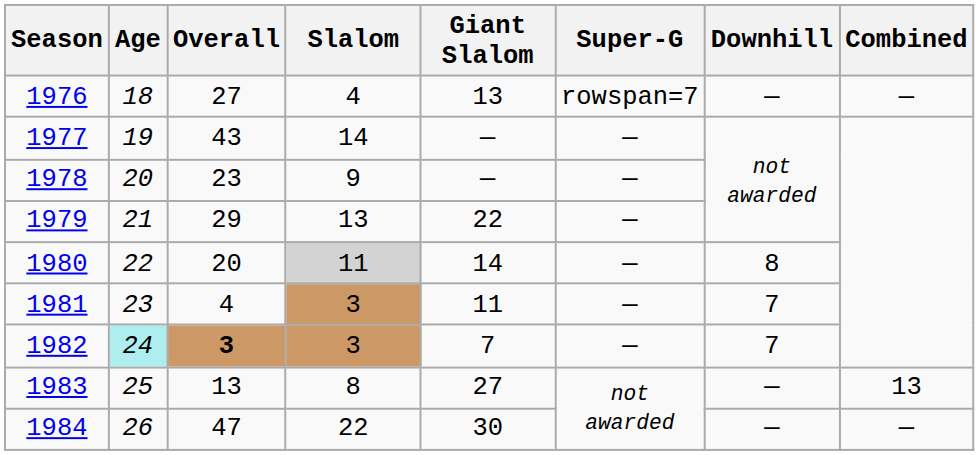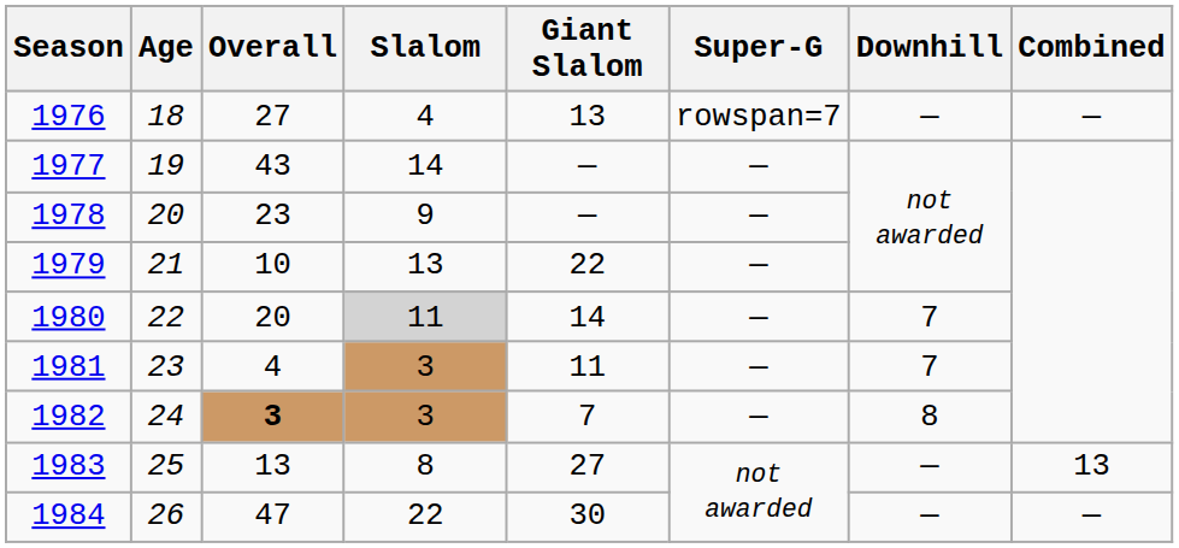 <table class=wikitable style="text-align:center">
 <tr>
 <th>Season</th>
 <th>Age</th>
 <th>Overall</th>
 <th> Slalom </th>
 <th>Giant<br> Slalom </th>
 <th>Super-G</th>
 <th>Downhill</th>
 <th>Combined</th>
 </tr>
 <tr>
 <td><a href='#'>1976</a></td>
 <td><em>18</em></td>
 <td>27</td>
 <td>4</td>
 <td>13</td>
 <td>rowspan=7</td>
 <td>—</td>
 <td>—</td>
 </tr>
 <tr>
 <td><a href='#'>1977</a></td>
 <td><em>19</em></td>
 <td>43</td>
 <td>14</td>
 <td>—</td>
 <td>—</td>
 <td rowspan=3><small><em>not<br>awarded</em></small></td>
 </tr>
 <tr>
 <td><a href='#'>1978</a></td>
 <td><em>20</em></td>
 <td>23</td>
 <td>9</td>
 <td>—</td>
 <td>—</td>
 </tr>
 <tr>
 <td><a href='#'>1979</a></td>
 <td><em>21</em></td>
-<td>29</td>
+<td>10</td>
 <td>13</td>
 <td>22</td>
 <td>—</td>
 </tr>
 <tr>
 <td><a href='#'>1980</a></td>
 <td><em>22</em></td>
 <td>20</td>
 <td style="background: lightgrey;">11</td>
 <td>14</td>
 <td>—</td>
-<td>8</td>
+<td>7</td>
 </tr>
 <tr>
 <td><a href='#'>1981</a></td>
 <td><em>23</em></td>
 <td>4</td>
 <td bgcolor="cc9966">3</td>
 <td>11</td>
 <td>—</td>
 <td>7</td>
 </tr>
 <tr>
 <td><a href='#'>1982</a></td>
-<td style="background: paleturquoise;"><em>24</em></td>
+<td><em>24</em></td>
 <td bgcolor="cc9966"><strong>3</strong></td>
 <td bgcolor="cc9966">3</td>
 <td>7</td>
 <td>—</td>
-<td>7</td>
+<td>8</td>
 </tr>
 <tr>
 <td><a href='#'>1983</a></td>
 <td><em>25</em></td>
 <td>13</td>
 <td>8</td>
 <td>27</td>
 <td rowspan=2><small><em>not<br>awarded</em></small></td>
 <td>—</td>
 <td>13</td>
 </tr>
 <tr>
 <td><a href='#'>1984</a></td>
 <td><em>26</em></td>
 <td>47</td>
 <td>22</td>
 <td>30</td>
 <td>—</td>
 <td>—</td>
 </tr>
 </table>
